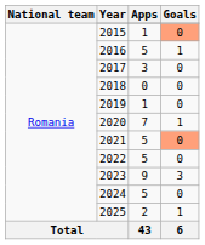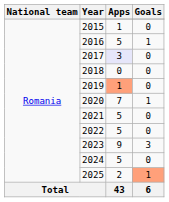 <table class="wikitable" style="text-align:center">
 <tr>
 <th>National team</th>
 <th>Year</th>
 <th>Apps</th>
 <th>Goals</th>
 </tr>
 <tr>
 <td rowspan="12"><a href='#'>Romania</a></td>
 </tr>
 <tr>
 <td>2015</td>
 <td>1</td>
-<td style="background: lightsalmon;">0</td>
+<td>0</td>
 </tr>
 <tr>
 <td>2016</td>
 <td>5</td>
 <td>1</td>
 </tr>
 <tr>
 <td>2017</td>
-<td>3</td>
+<td style="background: lavender;">3</td>
 <td>0</td>
 </tr>
 <tr>
 <td>2018</td>
 <td>0</td>
 <td>0</td>
 </tr>
 <tr>
 <td>2019</td>
-<td>1</td>
+<td style="background: lightsalmon;">1</td>
 <td>0</td>
 </tr>
 <tr>
 <td>2020</td>
 <td>7</td>
 <td>1</td>
 </tr>
 <tr>
 <td>2021</td>
 <td>5</td>
-<td style="background: lightsalmon;">0</td>
+<td>0</td>
 </tr>
 <tr>
 <td>2022</td>
 <td>5</td>
 <td>0</td>
 </tr>
 <tr>
 <td>2023</td>
 <td>9</td>
 <td>3</td>
 </tr>
 <tr>
 <td>2024</td>
 <td>5</td>
 <td>0</td>
 </tr>
 <tr>
 <td>2025</td>
 <td>2</td>
-<td>1</td>
+<td style="background: lightsalmon;">1</td>
 </tr>
 <tr>
 <th colspan="2">Total</th>
 <th>43</th>
 <th>6</th>
 </tr>
 </table>
